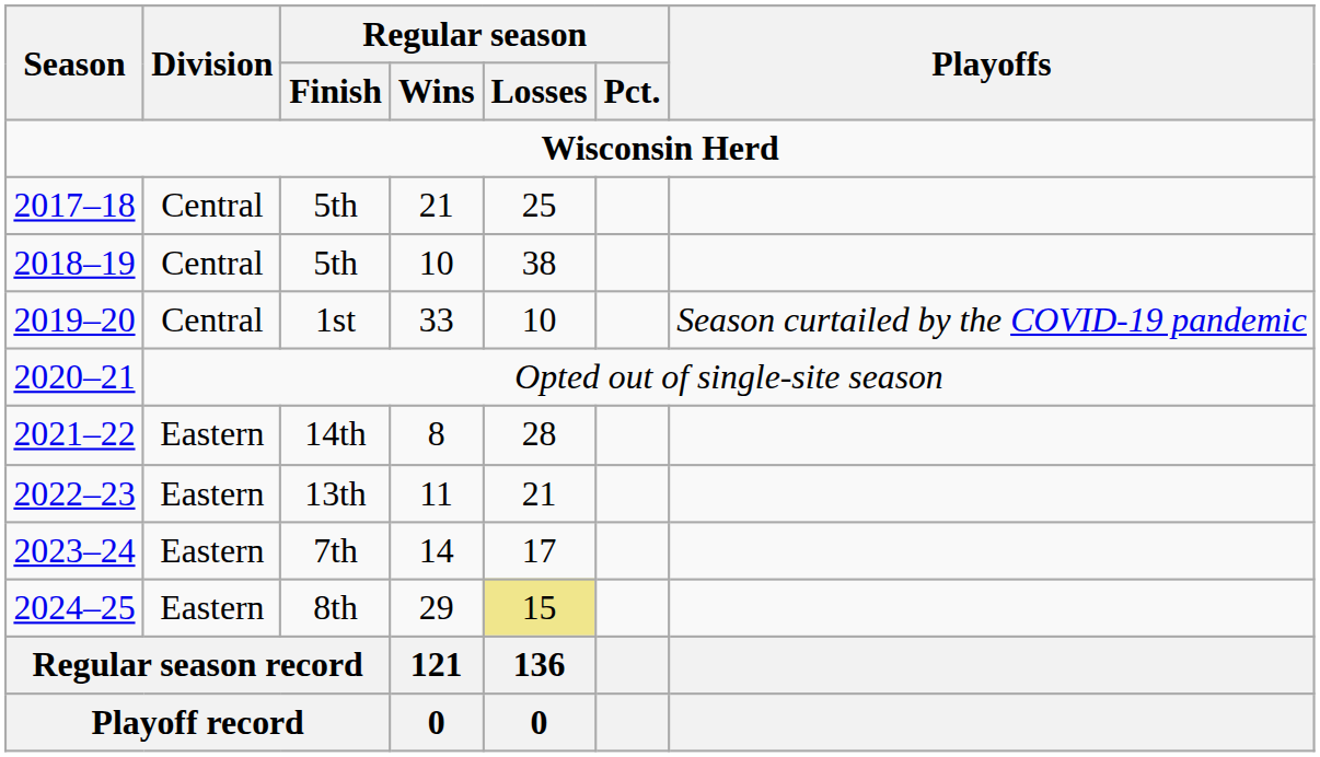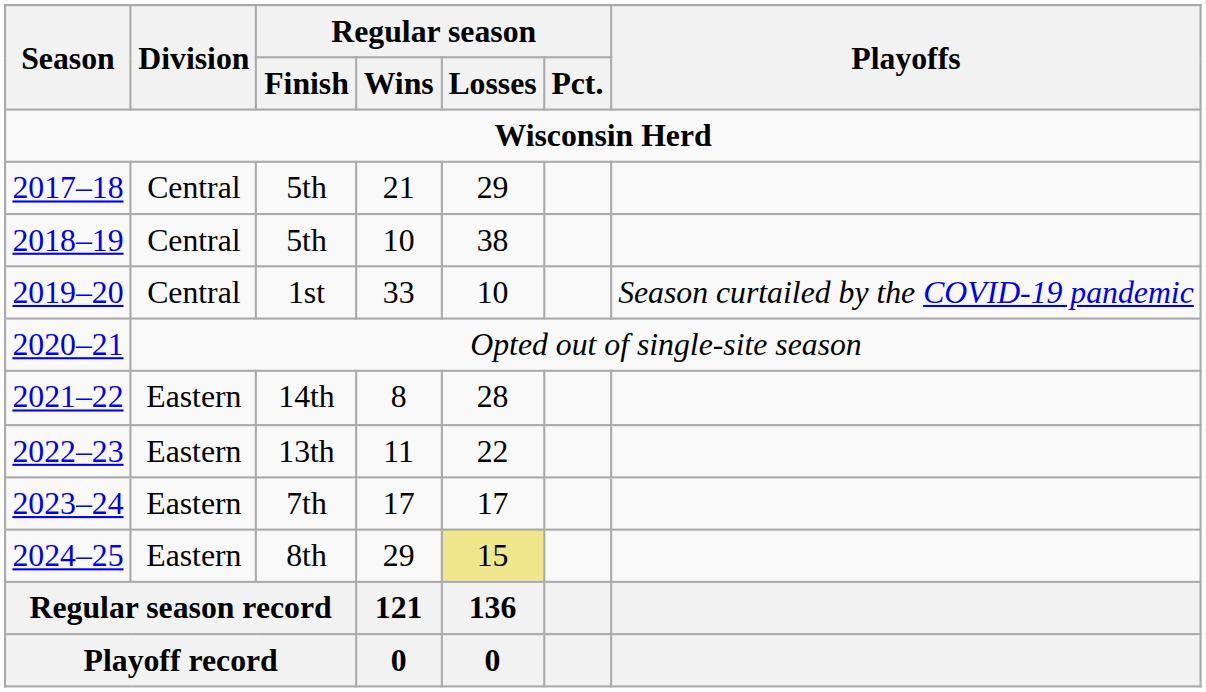 <table class="wikitable" style="font-size:95%; text-align:center">
 <tr align="center">
 </tr>
 <tr>
 <th rowspan=2>Season</th>
 <th rowspan=2>Division</th>
 <th colspan=4>Regular season</th>
 <th rowspan=2>Playoffs</th>
 </tr>
 <tr>
 <th>Finish</th>
 <th>Wins</th>
 <th>Losses</th>
 <th>Pct.</th>
 </tr>
 <tr>
 <td colspan=10 style="text-align:center; "><strong>Wisconsin Herd</strong></td>
 </tr>
 <tr>
 <td><a href='#'>2017–18</a></td>
 <td>Central</td>
 <td>5th</td>
 <td>21</td>
-<td>25</td>
+<td>29</td>
 <td></td>
 <td align=left></td>
 </tr>
 <tr>
 <td><a href='#'>2018–19</a></td>
 <td>Central</td>
 <td>5th</td>
 <td>10</td>
 <td>38</td>
 <td></td>
 <td align=left></td>
 </tr>
 <tr>
 <td><a href='#'>2019–20</a></td>
 <td>Central</td>
 <td>1st</td>
 <td>33</td>
 <td>10</td>
 <td></td>
 <td align=left><em>Season curtailed by the <a href='#'>COVID-19 pandemic</a></em></td>
 </tr>
 <tr>
 <td><a href='#'>2020–21</a></td>
 <td colspan="7"><em>Opted out of single-site season</em></td>
 </tr>
 <tr>
 <td><a href='#'>2021–22</a></td>
 <td>Eastern</td>
 <td>14th</td>
 <td>8</td>
 <td>28</td>
 <td></td>
 <td align=left></td>
 </tr>
 <tr>
 <td><a href='#'>2022–23</a></td>
 <td>Eastern</td>
 <td>13th</td>
 <td>11</td>
-<td>21</td>
+<td>22</td>
 <td></td>
 <td align=left></td>
 </tr>
 <tr>
 <td><a href='#'>2023–24</a></td>
 <td>Eastern</td>
 <td>7th</td>
-<td>14</td>
+<td>17</td>
 <td>17</td>
 <td></td>
 <td align=left></td>
 </tr>
 <tr>
 <td><a href='#'>2024–25</a></td>
 <td>Eastern</td>
 <td>8th</td>
 <td>29</td>
 <td style="background: khaki;">15</td>
 <td></td>
 <td align=left></td>
 </tr>
 <tr>
 <th colspan=3>Regular season record</th>
 <th>121</th>
 <th>136</th>
 <th></th>
 <th colspan=2></th>
 </tr>
 <tr>
 <th colspan=3>Playoff record</th>
 <th>0</th>
 <th>0</th>
 <th></th>
 <th colspan=2></th>
 </tr>
 </table>
